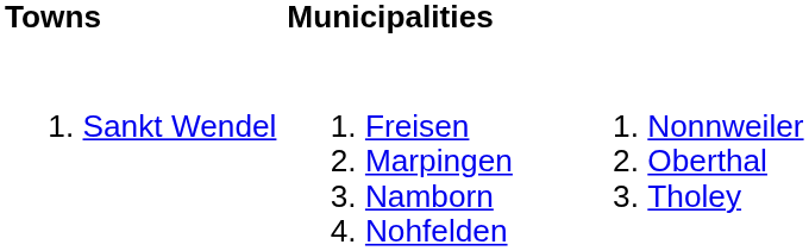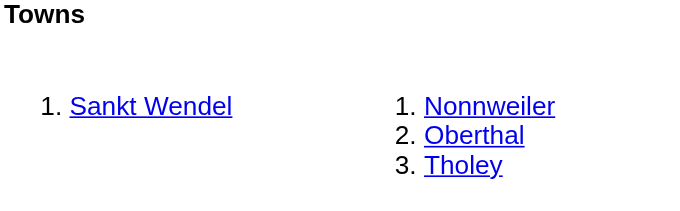 <table>
 <tr>
 <th align=left width=33%>Towns</th>
-<th align=left width=33%>Municipalities</th>
 <th align=left width=33%></th>
 </tr>
 <tr valign=top>
 <td><br><ol><li><a href='#'>Sankt Wendel</a></li></ol></td>
-<td><br><ol><li><a href='#'>Freisen</a></li><li><a href='#'>Marpingen</a></li><li><a href='#'>Namborn</a></li><li><a href='#'>Nohfelden</a></li></ol></td>
 <td><br><ol> <li><a href='#'>Nonnweiler</a> <li><a href='#'>Oberthal</a> <li><a href='#'>Tholey</a> </ol></td>
 </tr>
 </table>
